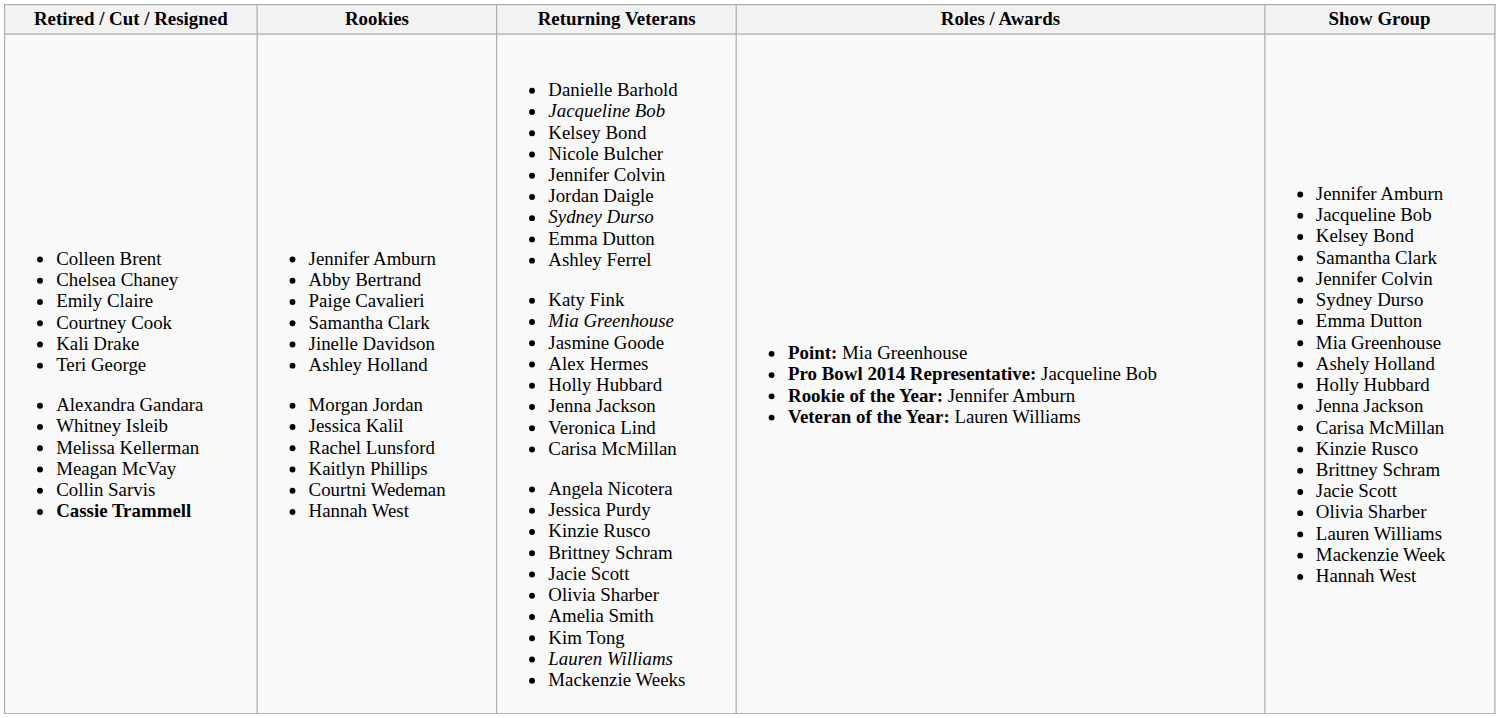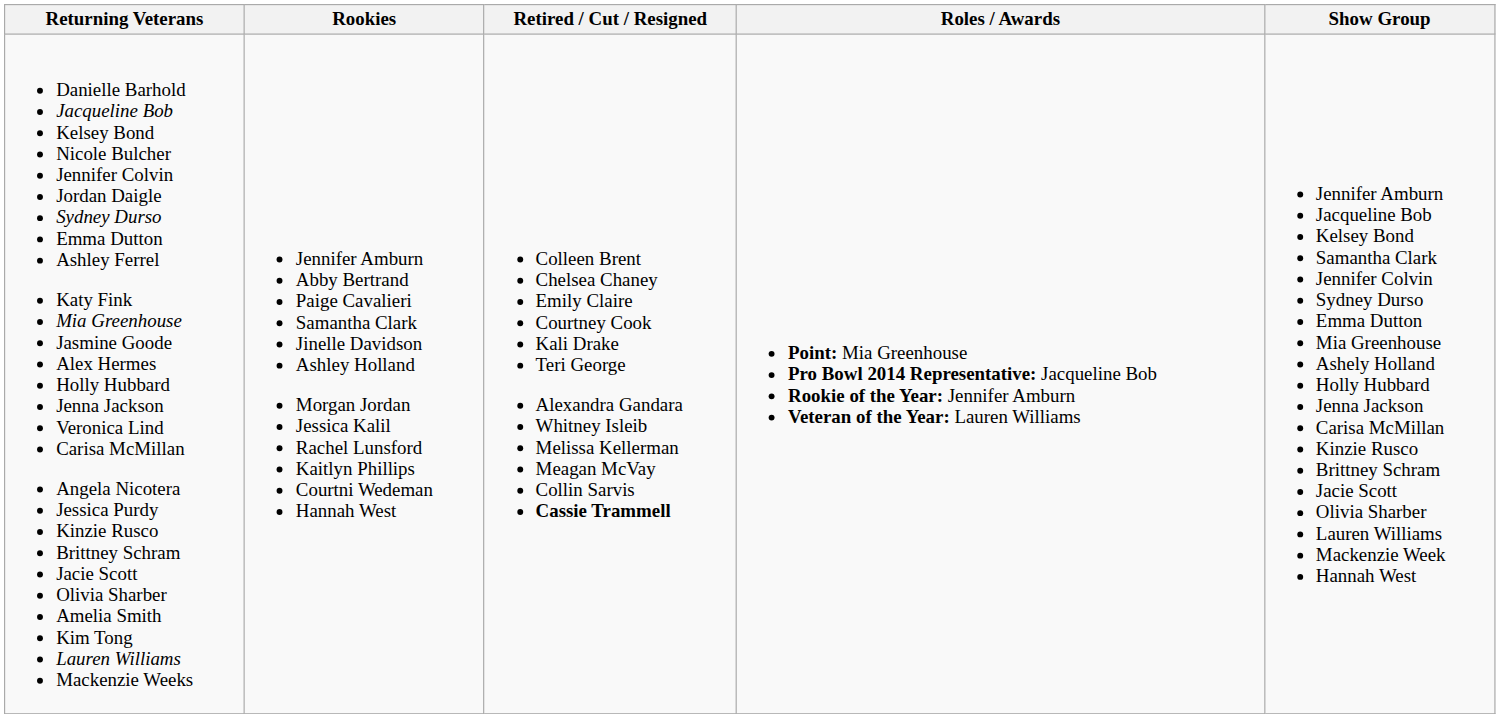 <table class="wikitable" style="width:100%;">
 <tr>
+<th>Returning Veterans</th>
+<th>Rookies</th>
 <th>Retired / Cut / Resigned</th>
-<th>Rookies</th>
-<th>Returning Veterans</th>
 <th>Roles / Awards</th>
 <th>Show Group</th>
 </tr>
 <tr>
+<td><br><ul><li>Danielle Barhold</li><li><em>Jacqueline Bob</em></li><li>Kelsey Bond</li><li>Nicole Bulcher</li><li>Jennifer Colvin</li><li>Jordan Daigle</li><li><em>Sydney Durso</em></li><li>Emma Dutton</li><li>Ashley Ferrel</li></ul><ul><li>Katy Fink</li><li><em>Mia Greenhouse</em></li><li>Jasmine Goode</li><li>Alex Hermes</li><li>Holly Hubbard</li><li>Jenna Jackson</li><li>Veronica Lind</li><li>Carisa McMillan</li></ul><ul><li>Angela Nicotera</li><li>Jessica Purdy</li><li>Kinzie Rusco</li><li>Brittney Schram</li><li>Jacie Scott</li><li>Olivia Sharber</li><li>Amelia Smith</li><li>Kim Tong</li><li><em>Lauren Williams</em></li><li>Mackenzie Weeks</li></ul></td>
+<td><br><ul><li>Jennifer Amburn</li><li>Abby Bertrand</li><li>Paige Cavalieri</li><li>Samantha Clark</li><li>Jinelle Davidson</li><li>Ashley Holland</li></ul><ul><li>Morgan Jordan</li><li>Jessica Kalil</li><li>Rachel Lunsford</li><li>Kaitlyn Phillips</li><li>Courtni Wedeman</li><li>Hannah West</li></ul></td>
 <td><br><ul><li>Colleen Brent </li><li>Chelsea Chaney </li><li>Emily Claire </li><li>Courtney Cook </li><li>Kali Drake </li><li>Teri George </li></ul><ul><li>Alexandra Gandara </li><li>Whitney Isleib </li><li>Melissa Kellerman </li><li>Meagan McVay </li><li>Collin Sarvis </li><li><strong>Cassie Trammell</strong> </li></ul></td>
-<td><br><ul><li>Jennifer Amburn</li><li>Abby Bertrand</li><li>Paige Cavalieri</li><li>Samantha Clark</li><li>Jinelle Davidson</li><li>Ashley Holland</li></ul><ul><li>Morgan Jordan</li><li>Jessica Kalil</li><li>Rachel Lunsford</li><li>Kaitlyn Phillips</li><li>Courtni Wedeman</li><li>Hannah West</li></ul></td>
-<td><br><ul><li>Danielle Barhold</li><li><em>Jacqueline Bob</em></li><li>Kelsey Bond</li><li>Nicole Bulcher</li><li>Jennifer Colvin</li><li>Jordan Daigle</li><li><em>Sydney Durso</em></li><li>Emma Dutton</li><li>Ashley Ferrel</li></ul><ul><li>Katy Fink</li><li><em>Mia Greenhouse</em></li><li>Jasmine Goode</li><li>Alex Hermes</li><li>Holly Hubbard</li><li>Jenna Jackson</li><li>Veronica Lind</li><li>Carisa McMillan</li></ul><ul><li>Angela Nicotera</li><li>Jessica Purdy</li><li>Kinzie Rusco</li><li>Brittney Schram</li><li>Jacie Scott</li><li>Olivia Sharber</li><li>Amelia Smith</li><li>Kim Tong</li><li><em>Lauren Williams</em></li><li>Mackenzie Weeks</li></ul></td>
 <td><br><ul><li><strong>Point:</strong> Mia Greenhouse</li><li><strong>Pro Bowl 2014 Representative:</strong> Jacqueline Bob</li><li><strong>Rookie of the Year:</strong> Jennifer Amburn</li><li><strong>Veteran of the Year:</strong> Lauren Williams</li></ul></td>
 <td><br><ul><li>Jennifer Amburn</li><li>Jacqueline Bob</li><li>Kelsey Bond</li><li>Samantha Clark</li><li>Jennifer Colvin</li><li>Sydney Durso</li><li>Emma Dutton</li><li>Mia Greenhouse</li><li>Ashely Holland</li><li>Holly Hubbard</li><li>Jenna Jackson</li><li>Carisa McMillan</li><li>Kinzie Rusco</li><li>Brittney Schram</li><li>Jacie Scott</li><li>Olivia Sharber</li><li>Lauren Williams</li><li>Mackenzie Week</li><li>Hannah West</li></ul></td>
 </tr>
 </table>
